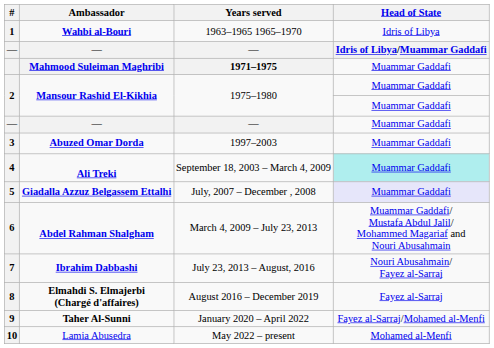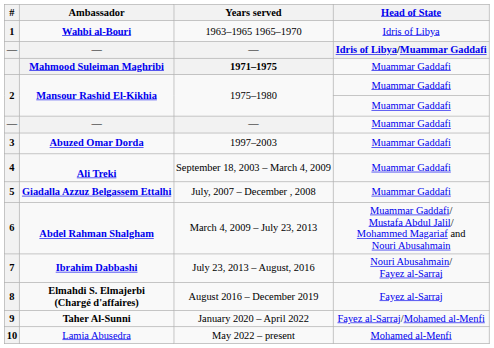 <table class=wikitable style="text-align:center;">
 <tr>
 <th>#</th>
 <th>Ambassador</th>
 <th>Years served</th>
 <th><a href='#'>Head of State</a></th>
 </tr>
 <tr style="height:2em">
 <th>1</th>
 <td align="center"><strong><a href='#'>Wahbi al-Bouri</a></strong></td>
 <td nowrap="">1963–1965 1965–1970</td>
 <td rowspan="1"><a href='#'>Idris of Libya</a></td>
 </tr>
 <tr>
 <th>—</th>
 <th>—</th>
 <th>—</th>
 <th><a href='#'>Idris of Libya</a>/<a href='#'>Muammar Gaddafi</a></th>
 </tr>
 <tr>
 <th></th>
 <th><a href='#'>Mahmood Suleiman Maghribi</a></th>
 <th>1971–1975</th>
 <td><a href='#'>Muammar Gaddafi</a></td>
 </tr>
 <tr style="height:2em">
 <th rowspan="2">2</th>
 <td rowspan="2" align="center"><strong><a href='#'>Mansour Rashid El-Kikhia</a></strong></td>
 <td rowspan="2" nowrap="">1975–1980</td>
 <td><a href='#'>Muammar Gaddafi</a></td>
 </tr>
 <tr style="height:2em">
 <td><a href='#'>Muammar Gaddafi</a></td>
 </tr>
 <tr>
 <th>—</th>
 <th>—</th>
 <th>—</th>
 <td><a href='#'>Muammar Gaddafi</a></td>
 </tr>
 <tr style="height:2em">
 <th>3</th>
 <td align="center"><strong><a href='#'>Abuzed Omar Dorda</a></strong></td>
 <td nowrap="">1997–2003</td>
 <td><a href='#'>Muammar Gaddafi</a></td>
 </tr>
 <tr style="height:2em">
 <th>4</th>
 <td><strong><br><a href='#'>Ali Treki</a></strong></td>
 <td nowrap="">September 18, 2003 – March 4, 2009</td>
-<td style="background: paleturquoise;"><a href='#'>Muammar Gaddafi</a></td>
+<td><a href='#'>Muammar Gaddafi</a></td>
 </tr>
 <tr style="height:2em">
 <th>5</th>
 <td><strong><a href='#'>Giadalla Azzuz Belgassem Ettalhi</a></strong></td>
 <td nowrap="">July, 2007 – December , 2008</td>
-<td style="background: lavender;"><a href='#'>Muammar Gaddafi</a></td>
+<td><a href='#'>Muammar Gaddafi</a></td>
 </tr>
 <tr style="height:2em">
 <th>6</th>
 <td><strong><br><a href='#'>Abdel Rahman Shalgham</a></strong></td>
 <td nowrap="">March 4, 2009 – July 23, 2013</td>
 <td><a href='#'>Muammar Gaddafi</a>/<br><a href='#'>Mustafa Abdul Jalil</a>/<br><a href='#'>Mohammed Magariaf</a> and<br><a href='#'>Nouri Abusahmain</a></td>
 </tr>
 <tr style="height:2em">
 <th>7</th>
 <td align="center"><strong><a href='#'>Ibrahim Dabbashi</a></strong></td>
 <td nowrap="">July 23, 2013 – August, 2016</td>
 <td><a href='#'>Nouri Abusahmain</a>/<br><a href='#'>Fayez al-Sarraj</a></td>
 </tr>
 <tr style="height:2em">
 <th>8</th>
 <td align="center"><strong>Elmahdi S. Elmajerbi</strong><br><strong>(Chargé d'affaires)</strong></td>
 <td nowrap="">August 2016 – December 2019</td>
 <td><a href='#'>Fayez al-Sarraj</a></td>
 </tr>
 <tr>
 <th>9</th>
 <td><strong>Taher Al-Sunni</strong></td>
 <td>January 2020 – April 2022</td>
 <td><a href='#'>Fayez al-Sarraj</a>/<a href='#'>Mohamed al-Menfi</a></td>
 </tr>
 <tr>
 <th>10</th>
 <td><a href='#'>Lamia Abusedra</a></td>
 <td>May 2022 – present</td>
 <td><a href='#'>Mohamed al-Menfi</a></td>
 </tr>
 </table>
